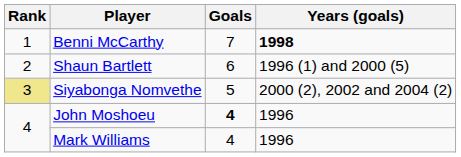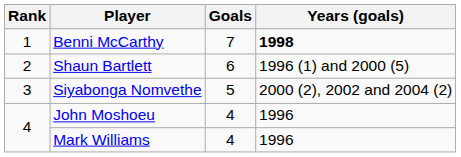 <table class="wikitable" style="text-align: left;">
 <tr>
 <th>Rank</th>
 <th>Player</th>
 <th>Goals</th>
 <th>Years (goals)</th>
 </tr>
 <tr>
 <td align=center>1</td>
 <td><a href='#'>Benni McCarthy</a></td>
 <td align=center>7</td>
 <td><strong>1998</strong></td>
 </tr>
 <tr>
 <td align=center>2</td>
 <td><a href='#'>Shaun Bartlett</a></td>
 <td align=center>6</td>
 <td>1996 (1) and 2000 (5)</td>
 </tr>
 <tr>
-<td align=center style="background: khaki;">3</td>
+<td align=center>3</td>
 <td><a href='#'>Siyabonga Nomvethe</a></td>
 <td align=center>5</td>
 <td>2000 (2), 2002 and 2004 (2)</td>
 </tr>
 <tr>
 <td rowspan=2 align=center>4</td>
 <td><a href='#'>John Moshoeu</a></td>
-<td align=center><strong>4</strong></td>
+<td align=center>4</td>
 <td>1996</td>
 </tr>
 <tr>
 <td><a href='#'>Mark Williams</a></td>
 <td align=center>4</td>
 <td>1996</td>
 </tr>
 </table>
